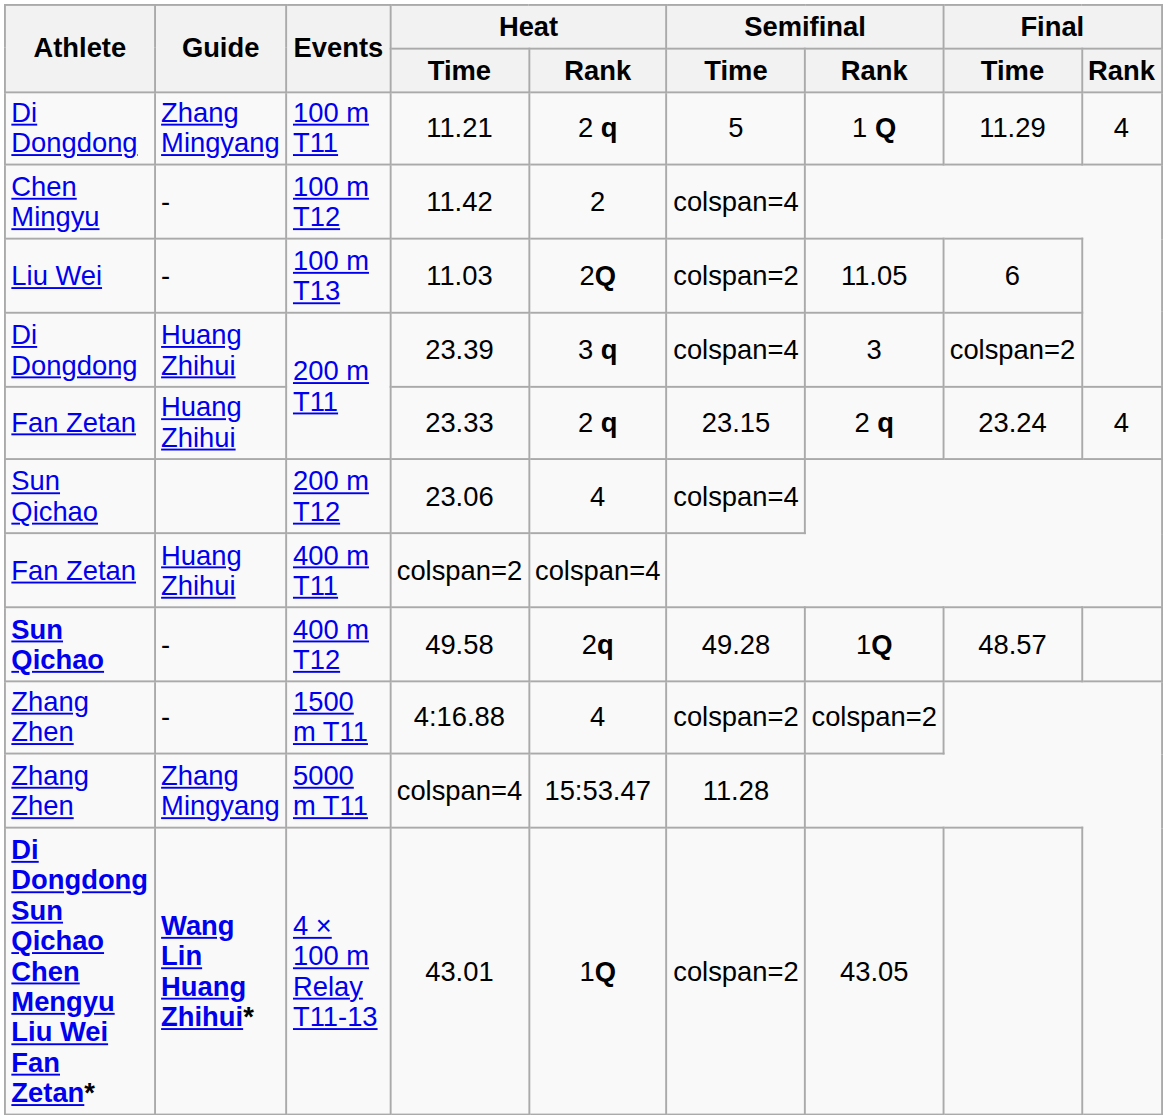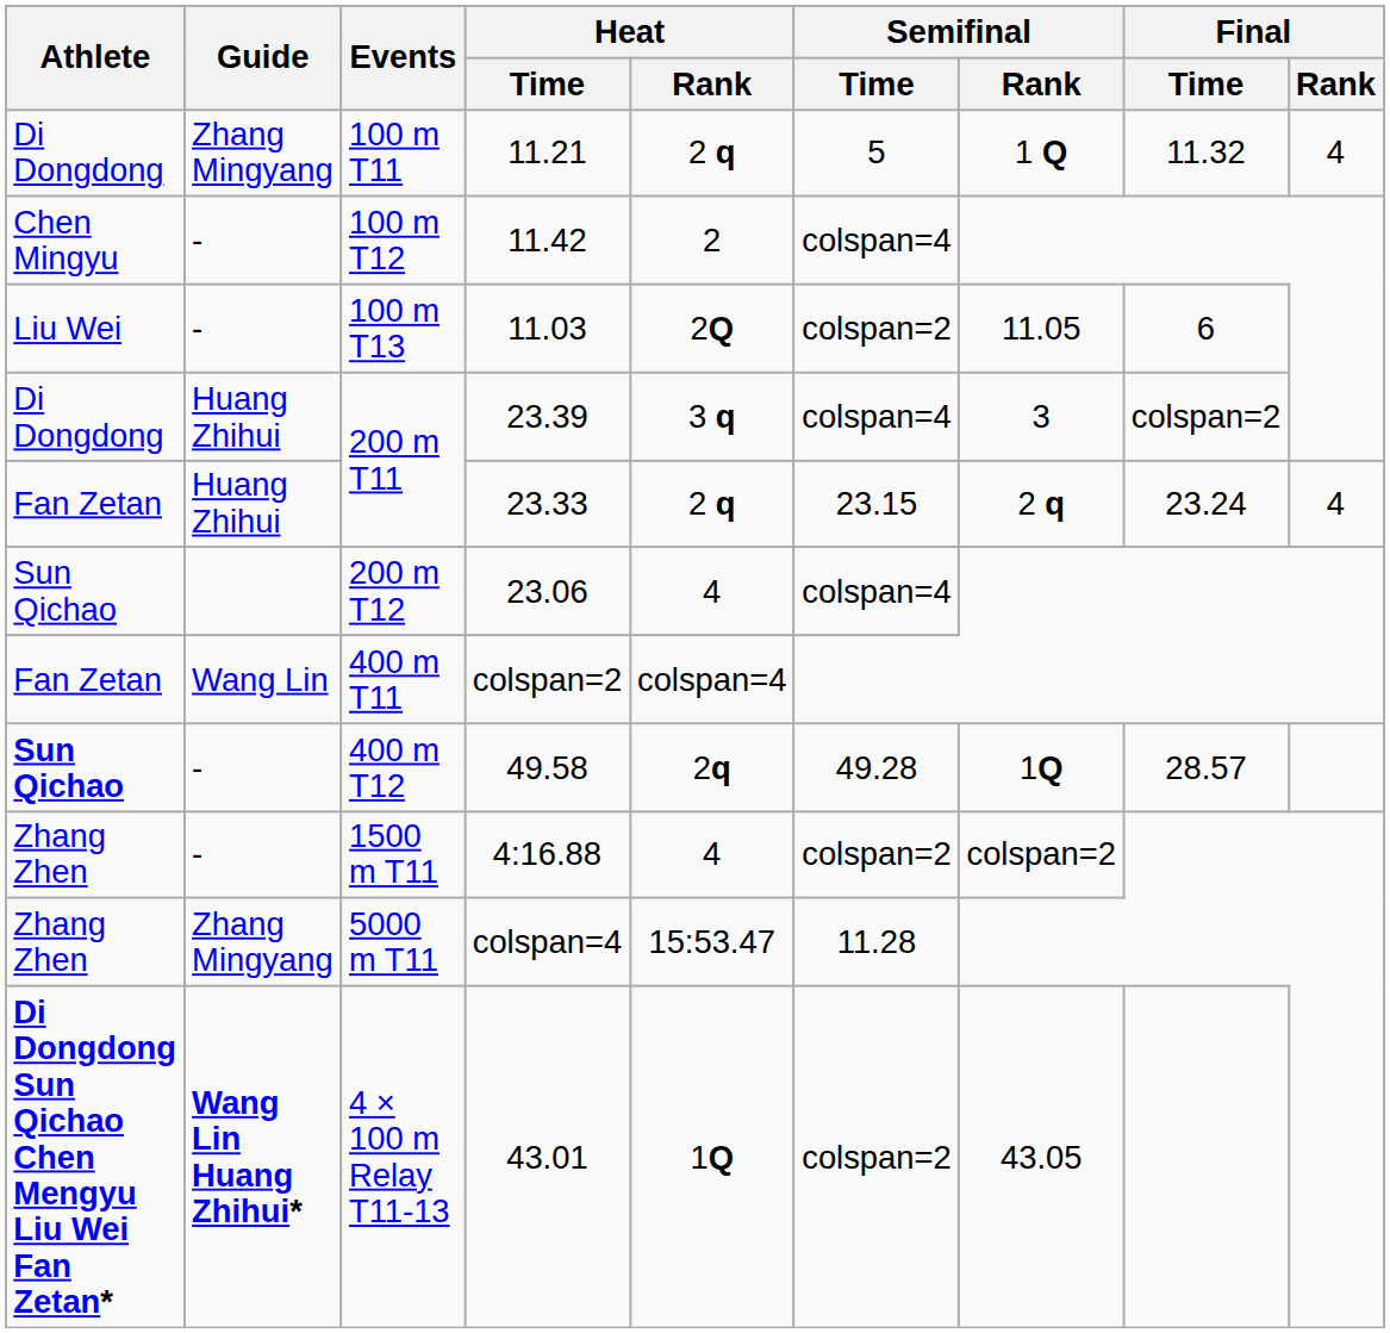 <table class=wikitable style="text-align: center; font-size:90%">
 <tr>
 <th rowspan="2">Athlete</th>
 <th rowspan="2">Guide</th>
 <th rowspan="2">Events</th>
 <th colspan="2">Heat</th>
 <th colspan="2">Semifinal</th>
 <th colspan="2">Final</th>
 </tr>
 <tr>
 <th>Time</th>
 <th>Rank</th>
 <th>Time</th>
 <th>Rank</th>
 <th>Time</th>
 <th>Rank</th>
 </tr>
 <tr>
 <td align=left><a href='#'>Di Dongdong</a></td>
 <td align=left><a href='#'>Zhang Mingyang</a></td>
 <td align=left><a href='#'>100 m T11</a></td>
 <td>11.21</td>
 <td>2 <strong>q</strong></td>
 <td>5</td>
 <td>1 <strong>Q</strong></td>
-<td>11.29</td>
+<td>11.32</td>
 <td>4</td>
 </tr>
 <tr>
 <td align=left><a href='#'>Chen Mingyu</a></td>
 <td align=left>-</td>
 <td align=left><a href='#'>100 m T12</a></td>
 <td>11.42</td>
 <td>2</td>
 <td>colspan=4 </td>
 </tr>
 <tr>
 <td align=left><a href='#'>Liu Wei</a></td>
 <td align=left>-</td>
 <td align=left><a href='#'>100 m T13</a></td>
 <td>11.03</td>
 <td>2<strong>Q</strong></td>
 <td>colspan=2 </td>
 <td>11.05</td>
 <td>6</td>
 </tr>
 <tr>
 <td align=left><a href='#'>Di Dongdong</a></td>
 <td align=left><a href='#'>Huang Zhihui</a></td>
 <td align=left rowspan=2><a href='#'>200 m T11</a></td>
 <td>23.39</td>
 <td>3 <strong>q</strong></td>
 <td>colspan=4 </td>
 <td>3</td>
 <td>colspan=2 </td>
 </tr>
 <tr>
 <td align=left><a href='#'>Fan Zetan</a></td>
 <td align=left><a href='#'>Huang Zhihui</a></td>
 <td>23.33</td>
 <td>2 <strong>q</strong></td>
 <td>23.15</td>
 <td>2 <strong>q</strong></td>
 <td>23.24</td>
 <td>4</td>
 </tr>
 <tr>
 <td align=left><a href='#'>Sun Qichao</a></td>
 <td align=left></td>
 <td align=left><a href='#'>200 m T12</a></td>
 <td>23.06</td>
 <td>4</td>
 <td>colspan=4 </td>
 </tr>
 <tr>
 <td align=left><a href='#'>Fan Zetan</a></td>
-<td align=left><a href='#'>Huang Zhihui</a></td>
+<td align=left><a href='#'>Wang Lin</a></td>
 <td align=left><a href='#'>400 m T11</a></td>
 <td>colspan=2 </td>
 <td>colspan=4 </td>
 </tr>
 <tr>
 <td align=left><strong><a href='#'>Sun Qichao</a></strong></td>
 <td align=left>-</td>
 <td align=left><a href='#'>400 m T12</a></td>
 <td>49.58</td>
 <td>2<strong>q</strong></td>
 <td>49.28</td>
 <td>1<strong>Q</strong></td>
-<td>48.57</td>
+<td>28.57</td>
 <td></td>
 </tr>
 <tr>
 <td align=left><a href='#'>Zhang Zhen</a></td>
 <td align=left>-</td>
 <td align=left><a href='#'>1500 m T11</a></td>
 <td>4:16.88</td>
 <td>4</td>
 <td>colspan=2 </td>
 <td>colspan=2 </td>
 </tr>
 <tr>
 <td align=left><a href='#'>Zhang Zhen</a></td>
 <td align=left><a href='#'>Zhang Mingyang</a></td>
 <td align=left><a href='#'>5000 m T11</a></td>
 <td>colspan=4 </td>
 <td>15:53.47</td>
 <td>11.28</td>
 </tr>
 <tr>
 <td align=left><strong><a href='#'>Di Dongdong</a><br><a href='#'>Sun Qichao</a><br><a href='#'>Chen Mengyu</a><br><a href='#'>Liu Wei</a><br><a href='#'>Fan Zetan</a>*</strong></td>
 <td align=left><strong><a href='#'>Wang Lin</a><br><a href='#'>Huang Zhihui</a>*</strong></td>
 <td align=left><a href='#'>4 × 100 m Relay T11-13</a></td>
 <td>43.01</td>
 <td>1<strong>Q</strong></td>
 <td>colspan=2 </td>
 <td>43.05</td>
 <td></td>
 </tr>
 </table>
